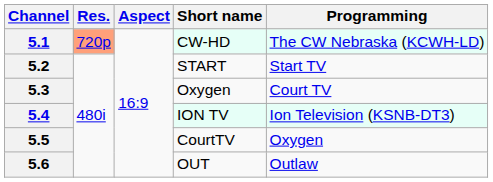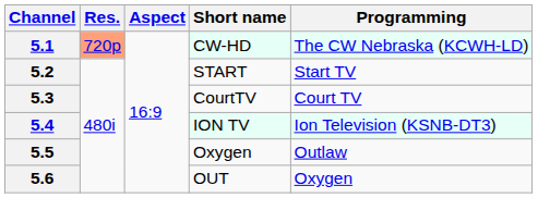 <table class="wikitable">
 <tr>
 <th><a href='#'>Channel</a></th>
 <th><a href='#'>Res.</a></th>
 <th><a href='#'>Aspect</a></th>
 <th>Short name</th>
 <th>Programming</th>
 </tr>
 <tr>
 <th scope = "row"><a href='#'>5.1</a></th>
 <td style="background: lightsalmon;"><a href='#'>720p</a></td>
 <td rowspan="6"><a href='#'>16:9</a></td>
 <td style="background-color: #E6FFF7;">CW-HD</td>
 <td style="background-color: #E6FFF7;"><a href='#'>The CW Nebraska</a> (<a href='#'>KCWH-LD</a>)</td>
 </tr>
 <tr>
 <th scope = "row">5.2</th>
 <td rowspan="5"><a href='#'>480i</a></td>
 <td>START</td>
 <td><a href='#'>Start TV</a></td>
 </tr>
 <tr>
 <th scope = "row">5.3</th>
-<td>Oxygen</td>
+<td>CourtTV</td>
 <td><a href='#'>Court TV</a></td>
 </tr>
 <tr>
 <th scope = "row"><a href='#'>5.4</a></th>
 <td style="background-color: #E6FFF7;">ION TV</td>
 <td style="background-color: #E6FFF7;"><a href='#'>Ion Television</a> (<a href='#'>KSNB-DT3</a>)</td>
 </tr>
 <tr>
 <th scope = "row">5.5</th>
-<td>CourtTV</td>
-<td><a href='#'>Oxygen</a></td>
+<td>Oxygen</td>
+<td><a href='#'>Outlaw</a></td>
 </tr>
 <tr>
 <th scope = "row">5.6</th>
 <td>OUT</td>
-<td><a href='#'>Outlaw</a></td>
+<td><a href='#'>Oxygen</a></td>
 </tr>
 </table>
